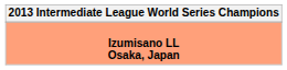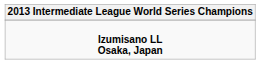 <table class="wikitable" style="text-align: center; margin: 0 auto;">
 <tr>
 <th>2013 Intermediate League World Series Champions</th>
 </tr>
 <tr>
 </tr>
 <tr>
-<td style="background: lightsalmon;"><br><strong>Izumisano LL</strong><br><strong>Osaka, Japan</strong></td>
+<td><br><strong>Izumisano LL</strong><br><strong>Osaka, Japan</strong></td>
 </tr>
 </table>
